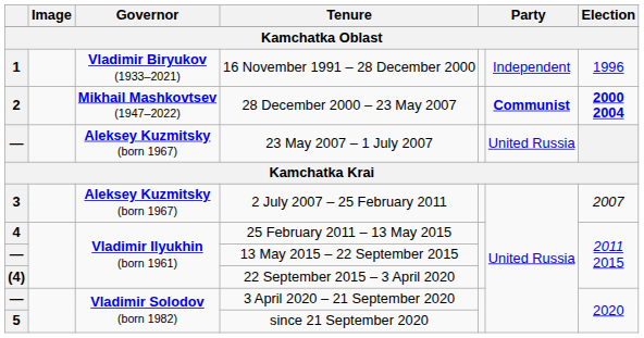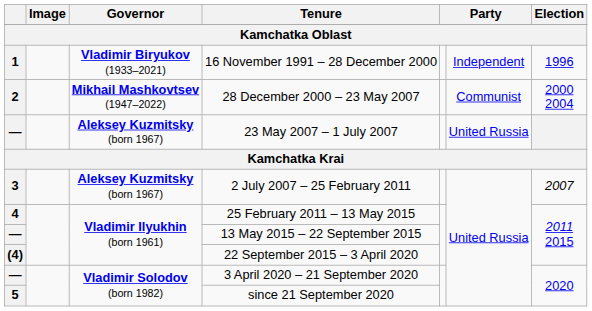 <table class="wikitable" style="text-align: center;">
 <tr>
 <th></th>
 <th>Image</th>
 <th>Governor</th>
 <th>Tenure</th>
 <th colspan=2>Party</th>
 <th>Election</th>
 </tr>
 <tr>
 </tr>
 <tr>
 <th colspan=8>Kamchatka Oblast</th>
 </tr>
 <tr>
 <th>1</th>
 <td></td>
 <td><strong><a href='#'>Vladimir Biryukov</a></strong><br><small>(1933–2021)</small></td>
 <td>16 November 1991 – 28 December 2000</td>
 <td style="background: "></td>
 <td><a href='#'>Independent</a></td>
 <td><a href='#'>1996</a></td>
 </tr>
 <tr>
 <th>2</th>
 <td></td>
 <td><strong><a href='#'>Mikhail Mashkovtsev</a></strong><br><small>(1947–2022)</small></td>
 <td>28 December 2000 – 23 May 2007</td>
 <td style="background: "></td>
-<td><strong><a href='#'>Communist</a></strong></td>
-<td><strong><a href='#'>2000</a><br><a href='#'>2004</a></strong></td>
+<td><a href='#'>Communist</a></td>
+<td><a href='#'>2000</a><br><a href='#'>2004</a></td>
 </tr>
 <tr>
 <th>—</th>
 <td></td>
 <td><strong><a href='#'>Aleksey Kuzmitsky</a></strong><br><small>(born 1967)</small></td>
 <td>23 May 2007 – 1 July 2007</td>
 <td style="background: "></td>
 <td><a href='#'>United Russia</a></td>
 <th></th>
 </tr>
 <tr>
 <th colspan=8>Kamchatka Krai</th>
 </tr>
 <tr>
 <th>3</th>
 <td></td>
 <td><strong><a href='#'>Aleksey Kuzmitsky</a></strong><br><small>(born 1967)</small></td>
 <td>2 July 2007 – 25 February 2011</td>
 <td style="background: "></td>
 <td rowspan="6"><a href='#'>United Russia</a></td>
 <td><em>2007</em></td>
 </tr>
 <tr>
 <th>4</th>
 <td rowspan=3></td>
 <td rowspan=3><strong><a href='#'>Vladimir Ilyukhin</a></strong><br><small>(born 1961)</small></td>
 <td>25 February 2011 – 13 May 2015</td>
 <td rowspan=3; style="background: "></td>
 <td rowspan=3><em><a href='#'>2011</a></em><br><a href='#'>2015</a></td>
 </tr>
 <tr>
 <th>—</th>
 <td>13 May 2015 – 22 September 2015</td>
 </tr>
 <tr>
 <th>(4)</th>
 <td>22 September 2015 – 3 April 2020</td>
 </tr>
 <tr>
 <th>—</th>
 <td rowspan=2></td>
 <td rowspan=2><strong><a href='#'>Vladimir Solodov</a></strong><br><small>(born 1982)</small></td>
 <td>3 April 2020 – 21 September 2020</td>
 <td rowspan=2; style="background: "></td>
 <td rowspan=2><a href='#'>2020</a></td>
 </tr>
 <tr>
 <th>5</th>
 <td>since 21 September 2020</td>
 </tr>
 </table>
